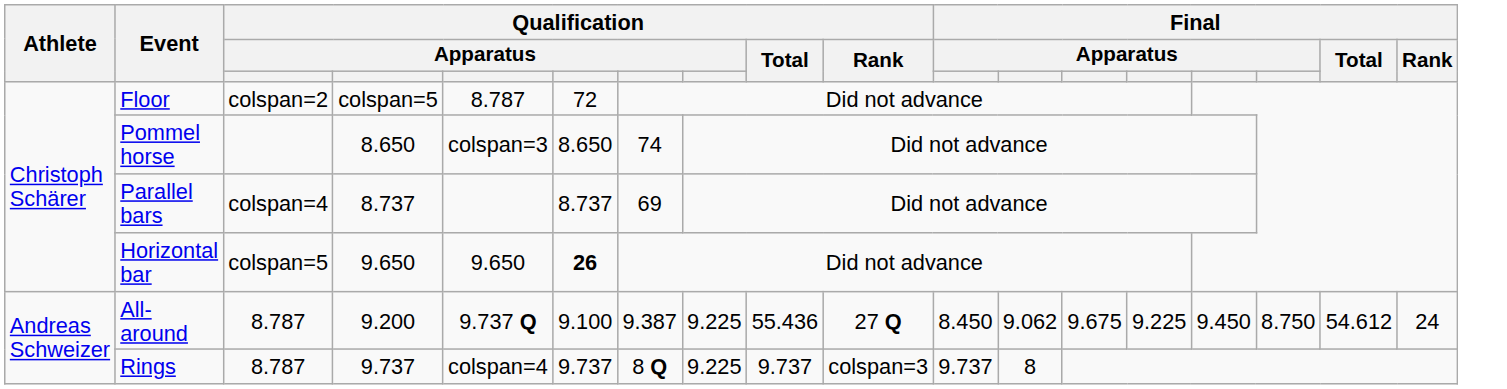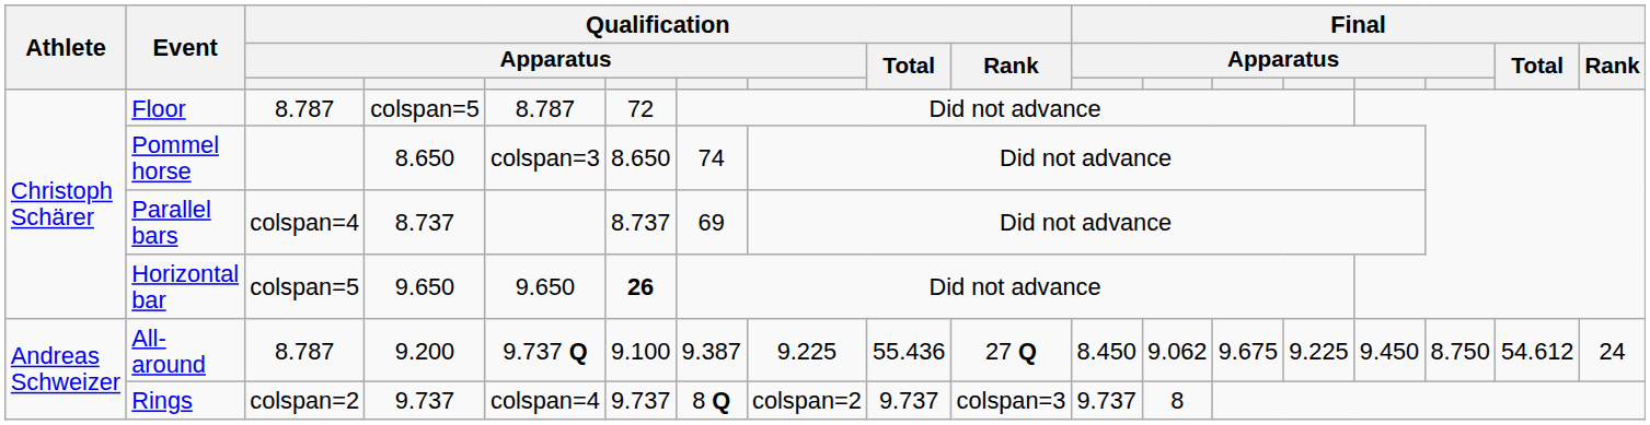 <table class="wikitable" style="font-size:90%">
 <tr>
 <th rowspan=3>Athlete</th>
 <th rowspan=3>Event</th>
 <th colspan =8>Qualification</th>
 <th colspan =8>Final</th>
 </tr>
 <tr style="font-size:95%">
 <th colspan=6>Apparatus</th>
 <th rowspan=2>Total</th>
 <th rowspan=2>Rank</th>
 <th colspan=6>Apparatus</th>
 <th rowspan=2>Total</th>
 <th rowspan=2>Rank</th>
 </tr>
 <tr style="font-size:95%">
 <th></th>
 <th></th>
 <th></th>
 <th></th>
 <th></th>
 <th></th>
 <th></th>
 <th></th>
 <th></th>
 <th></th>
 <th></th>
 <th></th>
 </tr>
 <tr align=center>
 <td align=left rowspan=4><a href='#'>Christoph Schärer</a></td>
 <td align=left><a href='#'>Floor</a></td>
-<td>colspan=2 </td>
+<td>8.787</td>
 <td>colspan=5 </td>
 <td>8.787</td>
 <td>72</td>
 <td colspan=8>Did not advance</td>
 </tr>
 <tr align=center>
 <td align=left><a href='#'>Pommel horse</a></td>
 <td></td>
 <td>8.650</td>
 <td>colspan=3 </td>
 <td>8.650</td>
 <td>74</td>
 <td colspan=8>Did not advance</td>
 </tr>
 <tr align=center>
 <td align=left><a href='#'>Parallel bars</a></td>
 <td>colspan=4 </td>
 <td>8.737</td>
 <td></td>
 <td>8.737</td>
 <td>69</td>
 <td colspan=8>Did not advance</td>
 </tr>
 <tr align=center>
 <td align=left><a href='#'>Horizontal bar</a></td>
 <td>colspan=5 </td>
 <td>9.650</td>
 <td>9.650</td>
 <td><strong>26</strong></td>
 <td colspan=8>Did not advance</td>
 </tr>
 <tr align=center>
 <td align=left rowspan=2><a href='#'>Andreas Schweizer</a></td>
 <td align=left><a href='#'>All-around</a></td>
 <td>8.787</td>
 <td>9.200</td>
 <td>9.737 <strong>Q</strong></td>
 <td>9.100</td>
 <td>9.387</td>
 <td>9.225</td>
 <td>55.436</td>
 <td>27 <strong>Q</strong></td>
 <td>8.450</td>
 <td>9.062</td>
 <td>9.675</td>
 <td>9.225</td>
 <td>9.450</td>
 <td>8.750</td>
 <td>54.612</td>
 <td>24</td>
 </tr>
 <tr align=center>
 <td align=left><a href='#'>Rings</a></td>
-<td>8.787</td>
+<td>colspan=2 </td>
 <td>9.737</td>
 <td>colspan=4 </td>
 <td>9.737</td>
 <td>8 <strong>Q</strong></td>
-<td>9.225</td>
+<td>colspan=2 </td>
 <td>9.737</td>
 <td>colspan=3 </td>
 <td>9.737</td>
 <td>8</td>
 </tr>
 </table>
